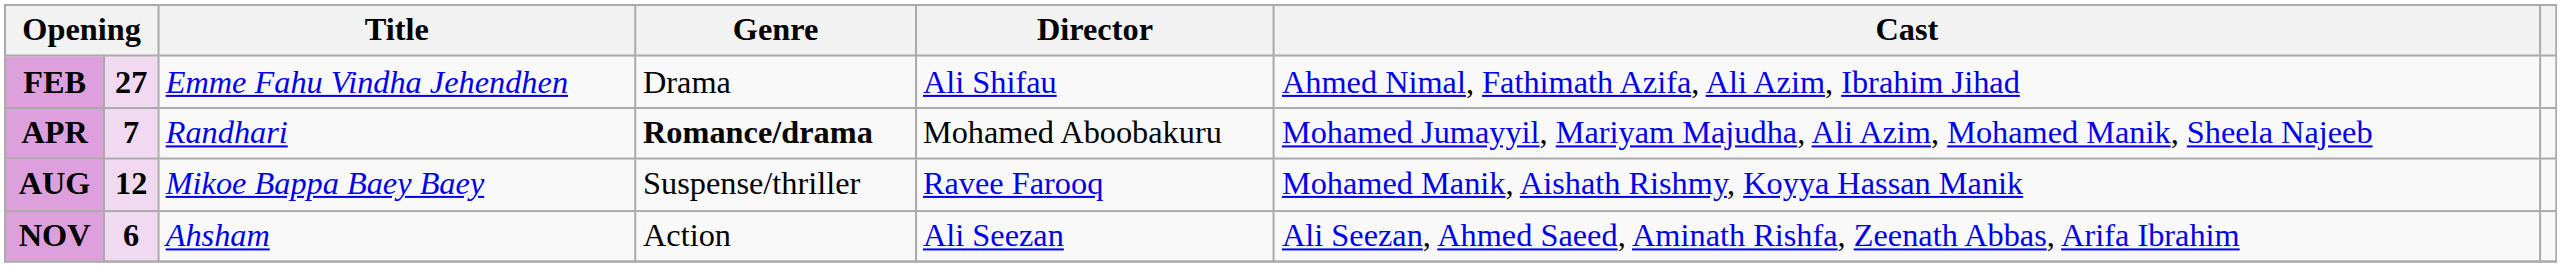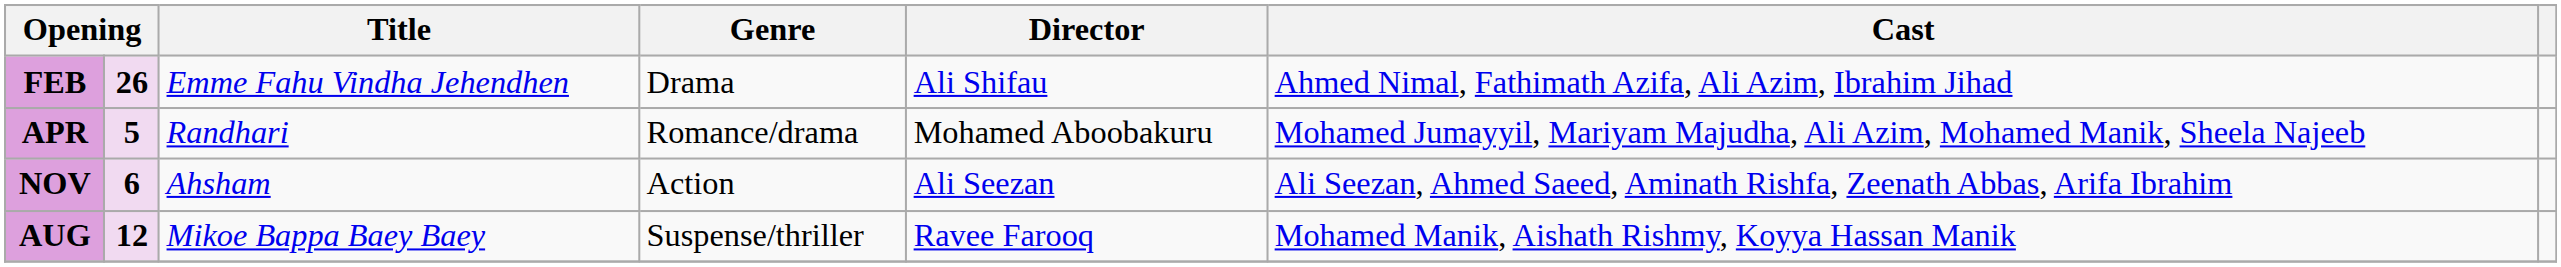 <table class="wikitable plainrowheaders" width="100%">
 <tr>
 <th scope="col" colspan="2">Opening</th>
 <th scope="col">Title</th>
 <th scope="col">Genre</th>
 <th scope="col">Director</th>
 <th scope="col">Cast</th>
 <th scope="col"></th>
 </tr>
 <tr>
 <td style="text-align:center; background:plum; textcolor:#000;"><strong>FEB</strong></td>
-<td style="text-align:center; background:#f1daf1;"><strong>27</strong></td>
+<td style="text-align:center; background:#f1daf1;"><strong>26</strong></td>
 <td><em><a href='#'>Emme Fahu Vindha Jehendhen</a></em></td>
 <td>Drama</td>
 <td><a href='#'>Ali Shifau</a></td>
 <td><a href='#'>Ahmed Nimal</a>, <a href='#'>Fathimath Azifa</a>, <a href='#'>Ali Azim</a>, <a href='#'>Ibrahim Jihad</a></td>
 <td style="text-align:center;"></td>
 </tr>
 <tr>
 <td style="text-align:center; background:plum; textcolor:#000;"><strong>APR</strong></td>
-<td style="text-align:center; background:#f1daf1;"><strong>7</strong></td>
+<td style="text-align:center; background:#f1daf1;"><strong>5</strong></td>
 <td><em><a href='#'>Randhari</a></em></td>
-<td><strong>Romance/drama</strong></td>
+<td>Romance/drama</td>
 <td>Mohamed Aboobakuru</td>
 <td><a href='#'>Mohamed Jumayyil</a>, <a href='#'>Mariyam Majudha</a>, <a href='#'>Ali Azim</a>, <a href='#'>Mohamed Manik</a>, <a href='#'>Sheela Najeeb</a></td>
+<td style="text-align:center;"></td>
+</tr>
+<tr>
+<td style="text-align:center; background:plum; textcolor:#000;"><strong>NOV</strong></td>
+<td style="text-align:center; background:#f1daf1;"><strong>6</strong></td>
+<td><em><a href='#'>Ahsham</a></em></td>
+<td>Action</td>
+<td><a href='#'>Ali Seezan</a></td>
+<td><a href='#'>Ali Seezan</a>, <a href='#'>Ahmed Saeed</a>, <a href='#'>Aminath Rishfa</a>, <a href='#'>Zeenath Abbas</a>, <a href='#'>Arifa Ibrahim</a></td>
 <td style="text-align:center;"></td>
 </tr>
 <tr>
 <td style="text-align:center; background:plum; textcolor:#000;"><strong>AUG</strong></td>
 <td style="text-align:center; background:#f1daf1;"><strong>12</strong></td>
 <td><em><a href='#'>Mikoe Bappa Baey Baey</a></em></td>
 <td>Suspense/thriller</td>
 <td><a href='#'>Ravee Farooq</a></td>
 <td><a href='#'>Mohamed Manik</a>, <a href='#'>Aishath Rishmy</a>, <a href='#'>Koyya Hassan Manik</a></td>
 <td style="text-align:center;"></td>
 </tr>
 <tr>
-<td style="text-align:center; background:plum; textcolor:#000;"><strong>NOV</strong></td>
-<td style="text-align:center; background:#f1daf1;"><strong>6</strong></td>
-<td><em><a href='#'>Ahsham</a></em></td>
-<td>Action</td>
-<td><a href='#'>Ali Seezan</a></td>
-<td><a href='#'>Ali Seezan</a>, <a href='#'>Ahmed Saeed</a>, <a href='#'>Aminath Rishfa</a>, <a href='#'>Zeenath Abbas</a>, <a href='#'>Arifa Ibrahim</a></td>
-<td style="text-align:center;"></td>
-</tr>
-<tr>
 </tr>
 </table>
